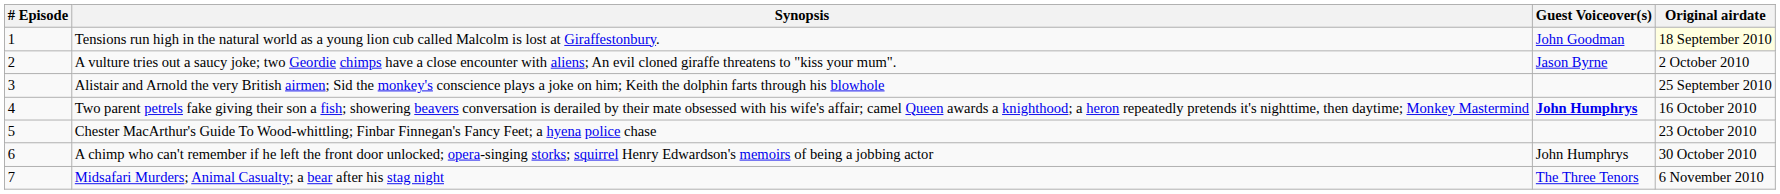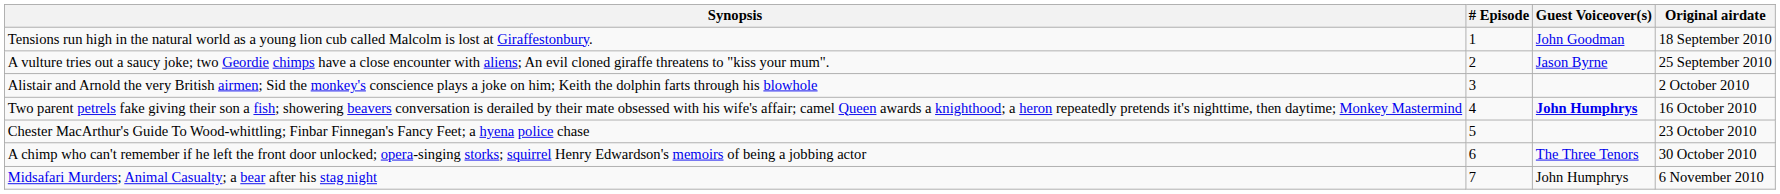 <table class="wikitable">
 <tr>
+<th>Synopsis</th>
 <th># Episode</th>
-<th>Synopsis</th>
 <th>Guest Voiceover(s)</th>
 <th>Original airdate</th>
 </tr>
 <tr>
+<td>Tensions run high in the natural world as a young lion cub called Malcolm is lost at <a href='#'>Giraffestonbury</a>.</td>
 <td>1</td>
-<td>Tensions run high in the natural world as a young lion cub called Malcolm is lost at <a href='#'>Giraffestonbury</a>.</td>
 <td><a href='#'>John Goodman</a></td>
-<td style="background: lightyellow;">18 September 2010</td>
+<td>18 September 2010</td>
 </tr>
 <tr>
+<td>A vulture tries out a saucy joke; two <a href='#'>Geordie</a> <a href='#'>chimps</a> have a close encounter with <a href='#'>aliens</a>; An evil cloned giraffe threatens to "kiss your mum".</td>
 <td>2</td>
-<td>A vulture tries out a saucy joke; two <a href='#'>Geordie</a> <a href='#'>chimps</a> have a close encounter with <a href='#'>aliens</a>; An evil cloned giraffe threatens to "kiss your mum".</td>
 <td><a href='#'>Jason Byrne</a></td>
+<td>25 September 2010</td>
+</tr>
+<tr>
+<td>Alistair and Arnold the very British <a href='#'>airmen</a>; Sid the <a href='#'>monkey's</a> conscience plays a joke on him; Keith the dolphin farts through his <a href='#'>blowhole</a></td>
+<td>3</td>
+<td></td>
 <td>2 October 2010</td>
 </tr>
 <tr>
-<td>3</td>
-<td>Alistair and Arnold the very British <a href='#'>airmen</a>; Sid the <a href='#'>monkey's</a> conscience plays a joke on him; Keith the dolphin farts through his <a href='#'>blowhole</a></td>
-<td></td>
-<td>25 September 2010</td>
-</tr>
-<tr>
+<td>Two parent <a href='#'>petrels</a> fake giving their son a <a href='#'>fish</a>; showering <a href='#'>beavers</a> conversation is derailed by their mate obsessed with his wife's affair; camel <a href='#'>Queen</a> awards a <a href='#'>knighthood</a>; a <a href='#'>heron</a> repeatedly pretends it's nighttime, then daytime; <a href='#'>Monkey Mastermind</a></td>
 <td>4</td>
-<td>Two parent <a href='#'>petrels</a> fake giving their son a <a href='#'>fish</a>; showering <a href='#'>beavers</a> conversation is derailed by their mate obsessed with his wife's affair; camel <a href='#'>Queen</a> awards a <a href='#'>knighthood</a>; a <a href='#'>heron</a> repeatedly pretends it's nighttime, then daytime; <a href='#'>Monkey Mastermind</a></td>
 <td><strong><a href='#'>John Humphrys</a></strong></td>
 <td>16 October 2010</td>
 </tr>
 <tr>
+<td>Chester MacArthur's Guide To Wood-whittling; Finbar Finnegan's Fancy Feet; a <a href='#'>hyena</a> <a href='#'>police</a> chase</td>
 <td>5</td>
-<td>Chester MacArthur's Guide To Wood-whittling; Finbar Finnegan's Fancy Feet; a <a href='#'>hyena</a> <a href='#'>police</a> chase</td>
 <td></td>
 <td>23 October 2010</td>
 </tr>
 <tr>
+<td>A chimp who can't remember if he left the front door unlocked; <a href='#'>opera</a>-singing <a href='#'>storks</a>; <a href='#'>squirrel</a> Henry Edwardson's <a href='#'>memoirs</a> of being a jobbing actor</td>
 <td>6</td>
-<td>A chimp who can't remember if he left the front door unlocked; <a href='#'>opera</a>-singing <a href='#'>storks</a>; <a href='#'>squirrel</a> Henry Edwardson's <a href='#'>memoirs</a> of being a jobbing actor</td>
-<td>John Humphrys</td>
+<td><a href='#'>The Three Tenors</a></td>
 <td>30 October 2010</td>
 </tr>
 <tr>
+<td><a href='#'>Midsafari Murders</a>; <a href='#'>Animal Casualty</a>; a <a href='#'>bear</a> after his <a href='#'>stag night</a></td>
 <td>7</td>
-<td><a href='#'>Midsafari Murders</a>; <a href='#'>Animal Casualty</a>; a <a href='#'>bear</a> after his <a href='#'>stag night</a></td>
-<td><a href='#'>The Three Tenors</a></td>
+<td>John Humphrys</td>
 <td>6 November 2010</td>
 </tr>
 </table>
